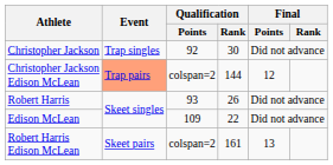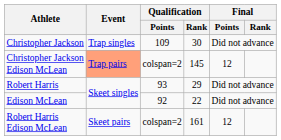 <table class="wikitable" style="font-size:90%">
 <tr>
 <th rowspan=2>Athlete</th>
 <th rowspan=2>Event</th>
 <th colspan=2>Qualification</th>
 <th colspan=2>Final</th>
 </tr>
 <tr style="font-size:95%">
 <th>Points</th>
 <th>Rank</th>
 <th>Points</th>
 <th>Rank</th>
 </tr>
 <tr align=center>
 <td align=left><a href='#'>Christopher Jackson</a></td>
 <td align=left><a href='#'>Trap singles</a></td>
-<td>92</td>
+<td>109</td>
 <td>30</td>
 <td colspan=2>Did not advance</td>
 </tr>
 <tr align=center>
 <td align=left><a href='#'>Christopher Jackson</a><br><a href='#'>Edison McLean</a></td>
 <td align=left style="background: lightsalmon;"><a href='#'>Trap pairs</a></td>
 <td>colspan=2 </td>
-<td>144</td>
+<td>145</td>
 <td>12</td>
 </tr>
 <tr align=center>
 <td align=left><a href='#'>Robert Harris</a></td>
 <td align=left rowspan=2><a href='#'>Skeet singles</a></td>
 <td>93</td>
-<td>26</td>
+<td>29</td>
 <td colspan=2>Did not advance</td>
 </tr>
 <tr align=center>
 <td align=left><a href='#'>Edison McLean</a></td>
-<td>109</td>
+<td>92</td>
 <td>22</td>
 <td colspan=2>Did not advance</td>
 </tr>
 <tr align=center>
 <td align=left><a href='#'>Robert Harris</a><br><a href='#'>Edison McLean</a></td>
 <td align=left><a href='#'>Skeet pairs</a></td>
 <td>colspan=2 </td>
 <td>161</td>
-<td>13</td>
+<td>12</td>
 </tr>
 </table>
